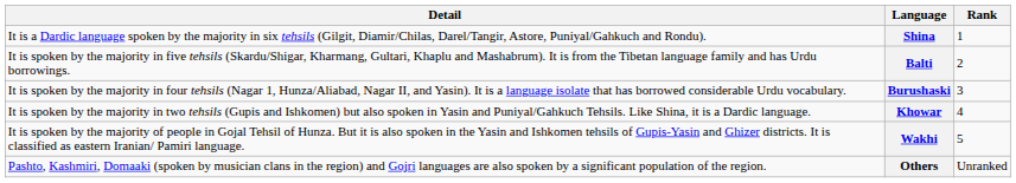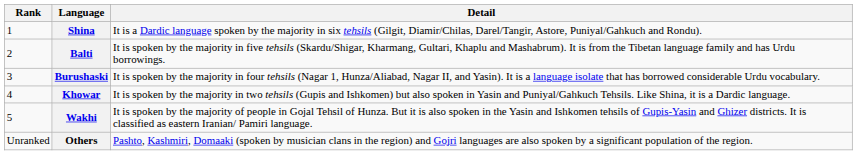 <table class="sortable wikitable">
 <tr>
+<th>Rank</th>
+<th>Language</th>
 <th>Detail</th>
-<th>Language</th>
-<th>Rank</th>
 </tr>
 <tr>
+<td>1</td>
+<th><a href='#'>Shina</a></th>
 <td>It is a <a href='#'>Dardic language</a> spoken by the majority in six <em><a href='#'>tehsils</a></em> (Gilgit, Diamir/Chilas, Darel/Tangir, Astore, Puniyal/Gahkuch and Rondu).</td>
-<th><a href='#'>Shina</a></th>
-<td>1</td>
 </tr>
 <tr>
+<td>2</td>
+<th><a href='#'>Balti</a></th>
 <td>It is spoken by the majority in five <em>tehsils</em> (Skardu/Shigar, Kharmang, Gultari, Khaplu and Mashabrum). It is from the Tibetan language family and has Urdu borrowings.</td>
-<th><a href='#'>Balti</a></th>
-<td>2</td>
 </tr>
 <tr>
+<td>3</td>
+<th><a href='#'>Burushaski</a></th>
 <td>It is spoken by the majority in four <em>tehsils</em> (Nagar 1, Hunza/Aliabad, Nagar II, and Yasin). It is a <a href='#'>language isolate</a> that has borrowed considerable Urdu vocabulary.</td>
-<th><a href='#'>Burushaski</a></th>
-<td>3</td>
 </tr>
 <tr>
+<td>4</td>
+<th><a href='#'>Khowar</a></th>
 <td>It is spoken by the majority in two <em>tehsils</em> (Gupis and Ishkomen) but also spoken in Yasin and Puniyal/Gahkuch Tehsils. Like Shina, it is a Dardic language.</td>
-<th><a href='#'>Khowar</a></th>
-<td>4</td>
 </tr>
 <tr>
+<td>5</td>
+<th><a href='#'>Wakhi</a></th>
 <td>It is spoken by the majority of people in Gojal Tehsil of Hunza. But it is also spoken in the Yasin and Ishkomen tehsils of <a href='#'>Gupis-Yasin</a> and <a href='#'>Ghizer</a> districts. It is classified as eastern Iranian/ Pamiri language.</td>
-<th><a href='#'>Wakhi</a></th>
-<td>5</td>
 </tr>
 <tr>
+<td>Unranked</td>
+<th>Others</th>
 <td><a href='#'>Pashto</a>, <a href='#'>Kashmiri</a>, <a href='#'>Domaaki</a> (spoken by musician clans in the region) and <a href='#'>Gojri</a> languages are also spoken by a significant population of the region.</td>
-<th>Others</th>
-<td>Unranked</td>
 </tr>
 </table>
